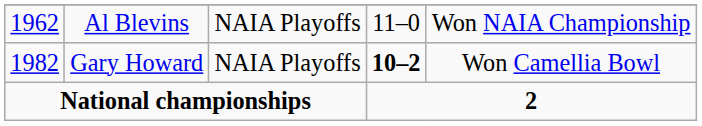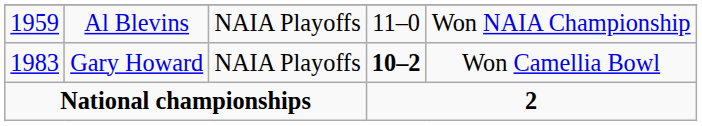 <table class="wikitable" style="text-align:center">
 <tr>
 </tr>
 <tr>
-<td><a href='#'>1962</a></td>
+<td><a href='#'>1959</a></td>
 <td><a href='#'>Al Blevins</a></td>
 <td>NAIA Playoffs</td>
 <td>11–0</td>
 <td>Won <a href='#'>NAIA Championship</a></td>
 </tr>
 <tr>
-<td><a href='#'>1982</a></td>
+<td><a href='#'>1983</a></td>
 <td><a href='#'>Gary Howard</a></td>
 <td>NAIA Playoffs</td>
 <td><strong>10–2</strong></td>
 <td>Won <a href='#'>Camellia Bowl</a></td>
 </tr>
 <tr>
 <td colspan=3><strong>National championships</strong></td>
 <td colspan=3><strong>2</strong></td>
 </tr>
 </table>
